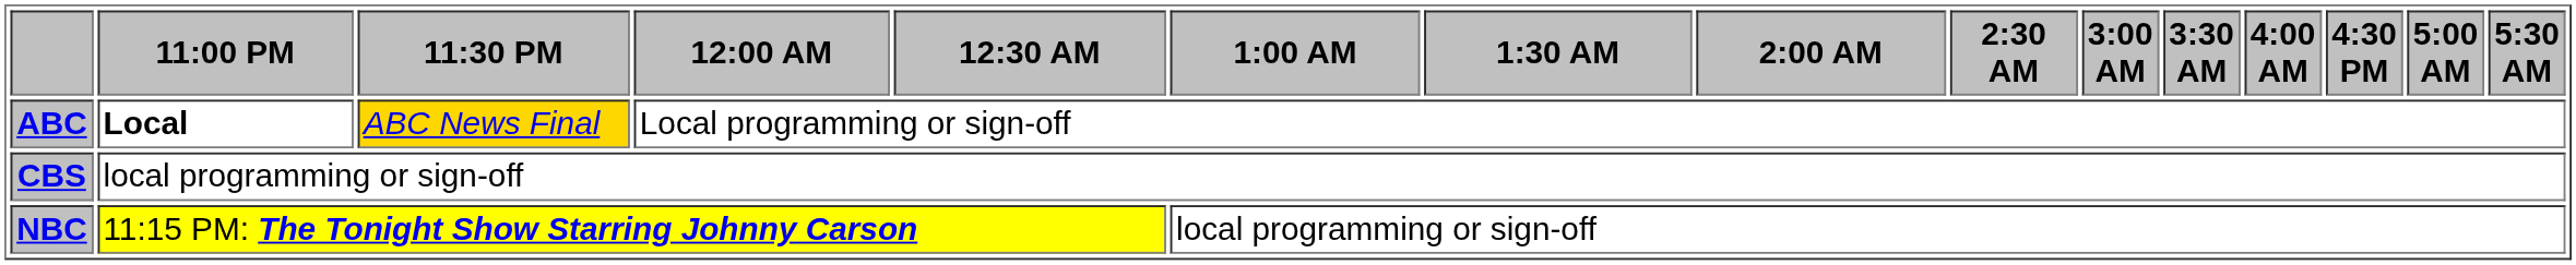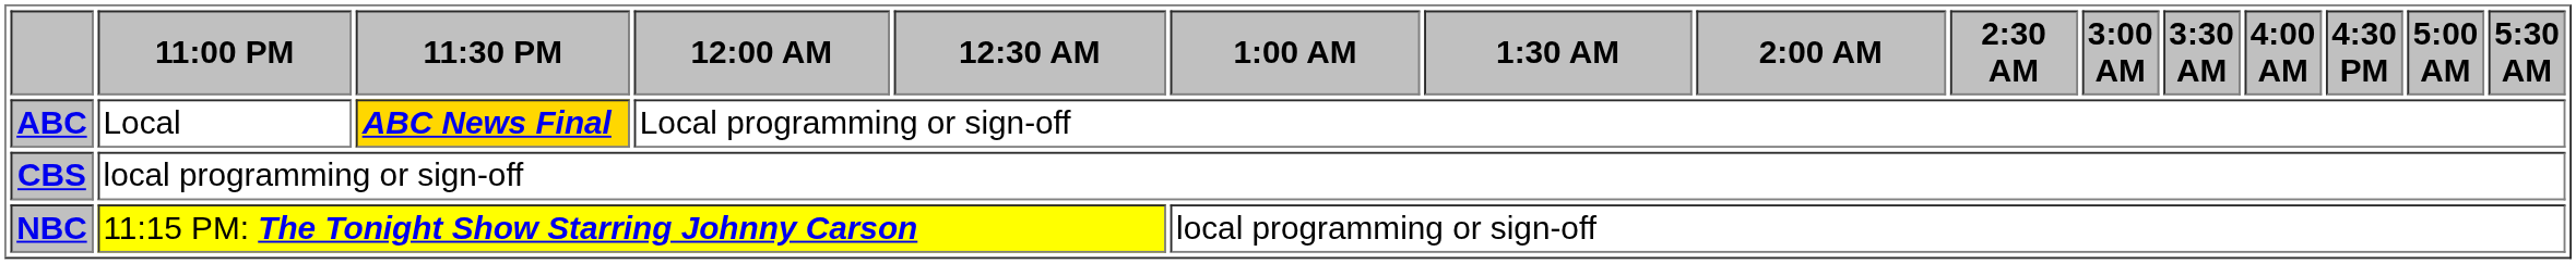 <table border="1" cellpadding="2">
 <tr>
 <th bgcolor="#C0C0C0"> </th>
 <th width="13%" bgcolor="#C0C0C0">11:00 PM</th>
 <th width="14%" bgcolor="#C0C0C0">11:30 PM</th>
 <th width="13%" bgcolor="#C0C0C0">12:00 AM</th>
 <th width="14%" bgcolor="#C0C0C0">12:30 AM</th>
 <th width="13%" bgcolor="#C0C0C0">1:00 AM</th>
 <th width="14%" bgcolor="#C0C0C0">1:30 AM</th>
 <th width="13%" bgcolor="#C0C0C0">2:00 AM</th>
 <th width="14%" bgcolor="#C0C0C0">2:30 AM</th>
 <th width="13%" bgcolor="#C0C0C0">3:00 AM</th>
 <th width="14%" bgcolor="#C0C0C0">3:30 AM</th>
 <th width="13%" bgcolor="#C0C0C0">4:00 AM</th>
 <th width="14%" bgcolor="#C0C0C0">4:30 PM</th>
 <th width="13%" bgcolor="#C0C0C0">5:00 AM</th>
 <th width="14%" bgcolor="#C0C0C0">5:30 AM</th>
 </tr>
 <tr>
 <th bgcolor="#C0C0C0"><a href='#'>ABC</a></th>
-<td bgcolor="white"><strong>Local</strong></td>
-<td bgcolor="gold"><a href='#'><em>ABC News Final</em></a></td>
+<td bgcolor="white">Local</td>
+<td bgcolor="gold"><strong><a href='#'><em>ABC News Final</em></a></strong></td>
 <td bgcolor="white" colspan="12">Local programming or sign-off</td>
 </tr>
 <tr>
 <th bgcolor="#C0C0C0"><a href='#'>CBS</a></th>
 <td bgcolor="white" colspan="14">local programming or sign-off</td>
 </tr>
 <tr>
 <th bgcolor="#C0C0C0"><a href='#'>NBC</a></th>
 <td bgcolor="yellow" colspan="4">11:15 PM: <strong><em><a href='#'>The Tonight Show Starring Johnny Carson</a></em></strong></td>
 <td bgcolor="white" colspan="10">local programming or sign-off</td>
 </tr>
 </table>
